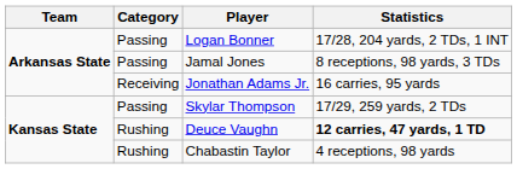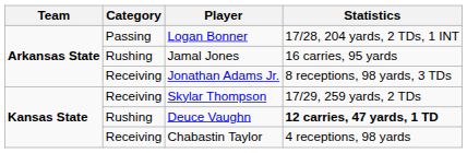 <table class="wikitable" style="float: left;">
 <tr>
 <th>Team</th>
 <th>Category</th>
 <th>Player</th>
 <th>Statistics</th>
 </tr>
 <tr>
 <td rowspan=3><strong>Arkansas State</strong></td>
 <td>Passing</td>
 <td><a href='#'>Logan Bonner</a></td>
 <td>17/28, 204 yards, 2 TDs, 1 INT</td>
 </tr>
 <tr>
-<td>Passing</td>
+<td>Rushing</td>
 <td>Jamal Jones</td>
-<td>8 receptions, 98 yards, 3 TDs</td>
+<td>16 carries, 95 yards</td>
 </tr>
 <tr>
 <td>Receiving</td>
 <td><a href='#'>Jonathan Adams Jr.</a></td>
-<td>16 carries, 95 yards</td>
+<td>8 receptions, 98 yards, 3 TDs</td>
 </tr>
 <tr>
 <td rowspan=3><strong>Kansas State</strong></td>
-<td>Passing</td>
+<td>Receiving</td>
 <td><a href='#'>Skylar Thompson</a></td>
 <td>17/29, 259 yards, 2 TDs</td>
 </tr>
 <tr>
 <td>Rushing</td>
 <td><a href='#'>Deuce Vaughn</a></td>
 <td><strong>12 carries, 47 yards, 1 TD</strong></td>
 </tr>
 <tr>
-<td>Rushing</td>
+<td>Receiving</td>
 <td>Chabastin Taylor</td>
 <td>4 receptions, 98 yards</td>
 </tr>
 </table>
